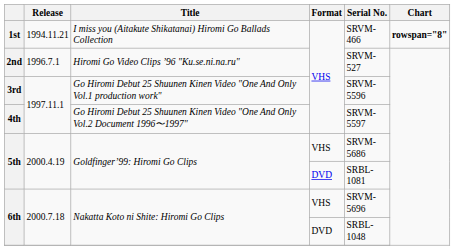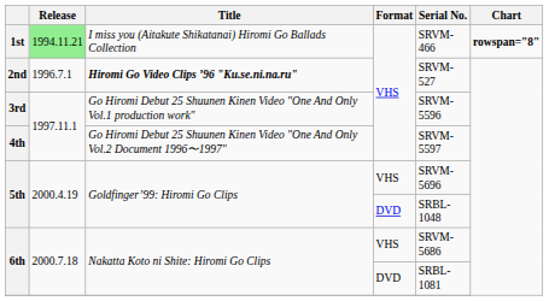 <table class="wikitable" style="font-size:small;">
 <tr>
 <th></th>
 <th>Release</th>
 <th>Title</th>
 <th>Format</th>
 <th>Serial No.</th>
 <th>Chart</th>
 </tr>
 <tr>
 <th>1st</th>
-<td>1994.11.21</td>
+<td style="background: lightgreen;">1994.11.21</td>
 <td><em>I miss you (Aitakute Shikatanai) Hiromi Go Ballads Collection</em></td>
 <td rowspan="4"><a href='#'>VHS</a></td>
 <td>SRVM-466</td>
 <td><strong>rowspan="8"</strong></td>
 </tr>
 <tr>
 <th>2nd</th>
 <td>1996.7.1</td>
-<td><em>Hiromi Go Video Clips ’96 "Ku.se.ni.na.ru"</em></td>
+<td><strong><em>Hiromi Go Video Clips ’96 "Ku.se.ni.na.ru"</em></strong></td>
 <td>SRVM-527</td>
 </tr>
 <tr>
 <th>3rd</th>
 <td rowspan="2">1997.11.1</td>
 <td><em>Go Hiromi Debut 25 Shuunen Kinen Video "One And Only Vol.1 production work"</em></td>
 <td>SRVM-5596</td>
 </tr>
 <tr>
 <th>4th</th>
 <td><em>Go Hiromi Debut 25 Shuunen Kinen Video "One And Only Vol.2 Document 1996〜1997"</em></td>
 <td>SRVM-5597</td>
 </tr>
 <tr>
 <th rowspan="2">5th</th>
 <td rowspan="2">2000.4.19</td>
 <td rowspan="2"><em>Goldfinger’99: Hiromi Go Clips</em></td>
 <td>VHS</td>
-<td>SRVM-5686</td>
+<td>SRVM-5696</td>
 </tr>
 <tr>
 <td><a href='#'>DVD</a></td>
-<td>SRBL-1081</td>
+<td>SRBL-1048</td>
 </tr>
 <tr>
 <th rowspan="2">6th</th>
 <td rowspan="2">2000.7.18</td>
 <td rowspan="2"><em>Nakatta Koto ni Shite: Hiromi Go Clips</em></td>
 <td>VHS</td>
-<td>SRVM-5696</td>
+<td>SRVM-5686</td>
 </tr>
 <tr>
 <td>DVD</td>
-<td>SRBL-1048</td>
+<td>SRBL-1081</td>
 </tr>
 <tr>
 </tr>
 </table>
